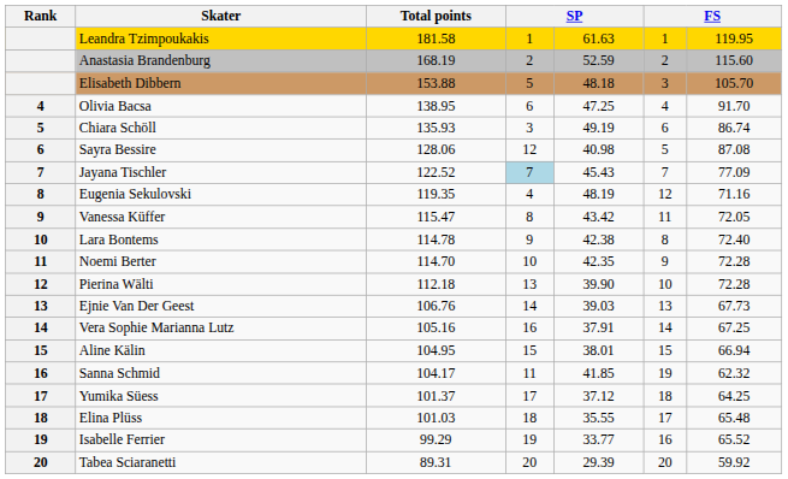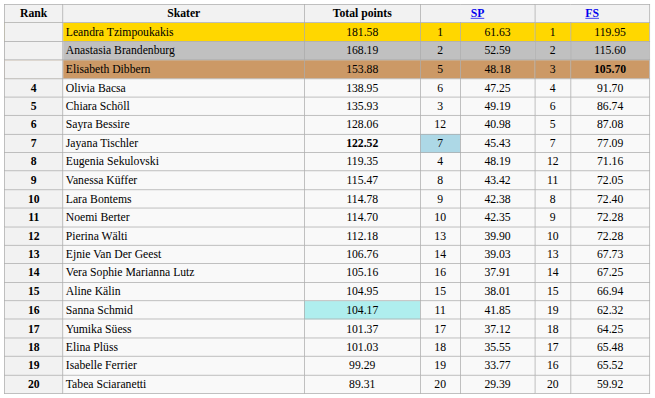 <table class="wikitable sortable" style="text-align:center;" width="70%">
 <tr>
 <th scope="col">Rank</th>
 <th scope="col">Skater</th>
 <th scope="col">Total points</th>
 <th scope="col" colspan="2" width="80px"><a href='#'>SP</a></th>
 <th scope="col" colspan="2" width="80px"><a href='#'>FS</a></th>
 </tr>
 <tr bgcolor="gold">
 <th scope="row"></th>
 <td align="left">Leandra Tzimpoukakis</td>
 <td>181.58</td>
 <td>1</td>
 <td>61.63</td>
 <td>1</td>
 <td>119.95</td>
 </tr>
 <tr bgcolor="silver">
 <th scope="row"></th>
 <td align="left">Anastasia Brandenburg</td>
 <td>168.19</td>
 <td>2</td>
 <td>52.59</td>
 <td>2</td>
 <td>115.60</td>
 </tr>
 <tr bgcolor="cc9966">
 <th scope="row"></th>
 <td align="left">Elisabeth Dibbern</td>
 <td>153.88</td>
 <td>5</td>
 <td>48.18</td>
 <td>3</td>
-<td>105.70</td>
+<td><strong>105.70</strong></td>
 </tr>
 <tr>
 <th scope="row">4</th>
 <td align="left">Olivia Bacsa</td>
 <td>138.95</td>
 <td>6</td>
 <td>47.25</td>
 <td>4</td>
 <td>91.70</td>
 </tr>
 <tr>
 <th scope="row">5</th>
 <td align="left">Chiara Schöll</td>
 <td>135.93</td>
 <td>3</td>
 <td>49.19</td>
 <td>6</td>
 <td>86.74</td>
 </tr>
 <tr>
 <th scope="row">6</th>
 <td align="left">Sayra Bessire</td>
 <td>128.06</td>
 <td>12</td>
 <td>40.98</td>
 <td>5</td>
 <td>87.08</td>
 </tr>
 <tr>
 <th scope="row">7</th>
 <td align="left">Jayana Tischler</td>
-<td>122.52</td>
+<td><strong>122.52</strong></td>
 <td style="background: lightblue;">7</td>
 <td>45.43</td>
 <td>7</td>
 <td>77.09</td>
 </tr>
 <tr>
 <th scope="row">8</th>
 <td align="left">Eugenia Sekulovski</td>
 <td>119.35</td>
 <td>4</td>
 <td>48.19</td>
 <td>12</td>
 <td>71.16</td>
 </tr>
 <tr>
 <th scope="row">9</th>
 <td align="left">Vanessa Küffer</td>
 <td>115.47</td>
 <td>8</td>
 <td>43.42</td>
 <td>11</td>
 <td>72.05</td>
 </tr>
 <tr>
 <th scope="row">10</th>
 <td align="left">Lara Bontems</td>
 <td>114.78</td>
 <td>9</td>
 <td>42.38</td>
 <td>8</td>
 <td>72.40</td>
 </tr>
 <tr>
 <th scope="row">11</th>
 <td align="left">Noemi Berter</td>
 <td>114.70</td>
 <td>10</td>
 <td>42.35</td>
 <td>9</td>
 <td>72.28</td>
 </tr>
 <tr>
 <th scope="row">12</th>
 <td align="left">Pierina Wälti</td>
 <td>112.18</td>
 <td>13</td>
 <td>39.90</td>
 <td>10</td>
 <td>72.28</td>
 </tr>
 <tr>
 <th scope="row">13</th>
 <td align="left">Ejnie Van Der Geest</td>
 <td>106.76</td>
 <td>14</td>
 <td>39.03</td>
 <td>13</td>
 <td>67.73</td>
 </tr>
 <tr>
 <th scope="row">14</th>
 <td align="left">Vera Sophie Marianna Lutz</td>
 <td>105.16</td>
 <td>16</td>
 <td>37.91</td>
 <td>14</td>
 <td>67.25</td>
 </tr>
 <tr>
 <th scope="row">15</th>
 <td align="left">Aline Kälin</td>
 <td>104.95</td>
 <td>15</td>
 <td>38.01</td>
 <td>15</td>
 <td>66.94</td>
 </tr>
 <tr>
 <th scope="row">16</th>
 <td align="left">Sanna Schmid</td>
-<td>104.17</td>
+<td style="background: paleturquoise;">104.17</td>
 <td>11</td>
 <td>41.85</td>
 <td>19</td>
 <td>62.32</td>
 </tr>
 <tr>
 <th scope="row">17</th>
 <td align="left">Yumika Süess</td>
 <td>101.37</td>
 <td>17</td>
 <td>37.12</td>
 <td>18</td>
 <td>64.25</td>
 </tr>
 <tr>
 <th scope="row">18</th>
 <td align="left">Elina Plüss</td>
 <td>101.03</td>
 <td>18</td>
 <td>35.55</td>
 <td>17</td>
 <td>65.48</td>
 </tr>
 <tr>
 <th scope="row">19</th>
 <td align="left">Isabelle Ferrier</td>
 <td>99.29</td>
 <td>19</td>
 <td>33.77</td>
 <td>16</td>
 <td>65.52</td>
 </tr>
 <tr>
 <th scope="row">20</th>
 <td align="left">Tabea Sciaranetti</td>
 <td>89.31</td>
 <td>20</td>
 <td>29.39</td>
 <td>20</td>
 <td>59.92</td>
 </tr>
 </table>
